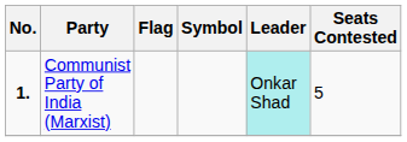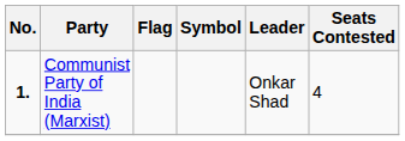 <table class="wikitable"  " width="50%">
 <tr>
 <th>No.</th>
 <th>Party</th>
 <th>Flag</th>
 <th>Symbol</th>
 <th>Leader</th>
 <th>Seats Contested</th>
 </tr>
 <tr>
 <td ! style="text-align:center; background:"><strong>1.</strong></td>
 <td><a href='#'>Communist Party of India (Marxist)</a></td>
 <td></td>
 <td></td>
-<td style="background: paleturquoise;">Onkar Shad</td>
-<td>5</td>
+<td>Onkar Shad</td>
+<td>4</td>
 </tr>
 <tr>
 </tr>
 </table>
